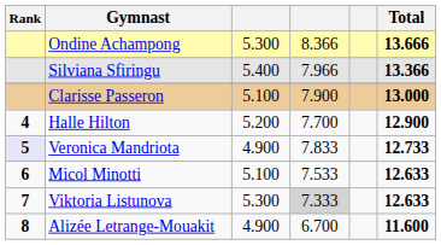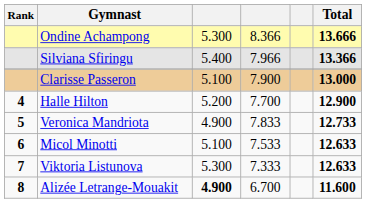 <table style="text-align:center;" class="wikitable sortable">
 <tr>
 <th scope="col" style="width:15px;"><small>Rank</small></th>
 <th scope="col" style="width:175px;">Gymnast</th>
 <th scope="col" style="width:50px;"><small></small></th>
 <th scope="col" style="width:50px;"><small></small></th>
 <th scope="col" style="width:20px;"><small></small></th>
 <th scope="col" style="width:50px;">Total</th>
 </tr>
 <tr style="background:#fffcaf;">
 <td scope="row" style="text-align:center"><strong></strong></td>
 <td style="text-align:left;"> <a href='#'>Ondine Achampong</a></td>
 <td>5.300</td>
 <td>8.366</td>
 <td></td>
 <td><strong>13.666</strong></td>
 </tr>
 <tr style="background:#e5e5e5;">
 <td scope="row" style="text-align:center"><strong></strong></td>
 <td style="text-align:left;"> <a href='#'>Silviana Sfiringu</a></td>
 <td>5.400</td>
 <td>7.966</td>
 <td></td>
 <td><strong>13.366</strong></td>
 </tr>
 <tr>
 </tr>
 <tr style="background:#ec9;">
 <td scope="row" style="text-align:center"><strong></strong></td>
 <td style="text-align:left;"> <a href='#'>Clarisse Passeron</a></td>
 <td>5.100</td>
 <td>7.900</td>
 <td></td>
 <td><strong>13.000</strong></td>
 </tr>
 <tr>
 <td scope="row" style="text-align:center"><strong>4</strong></td>
 <td style="text-align:left;"> <a href='#'>Halle Hilton</a></td>
 <td>5.200</td>
 <td>7.700</td>
 <td></td>
 <td><strong>12.900</strong></td>
 </tr>
 <tr>
-<td scope="row" style="background: lavender; text-align:center"><strong>5</strong></td>
+<td scope="row" style="text-align:center"><strong>5</strong></td>
 <td style="text-align:left;"> <a href='#'>Veronica Mandriota</a></td>
 <td>4.900</td>
 <td>7.833</td>
 <td></td>
 <td><strong>12.733</strong></td>
 </tr>
 <tr>
 <td scope="row" style="text-align:center"><strong>6</strong></td>
 <td style="text-align:left;"> <a href='#'>Micol Minotti</a></td>
 <td>5.100</td>
 <td>7.533</td>
 <td></td>
 <td><strong>12.633</strong></td>
 </tr>
 <tr>
 <td scope="row" style="text-align:center"><strong>7</strong></td>
 <td style="text-align:left;"> <a href='#'>Viktoria Listunova</a></td>
 <td>5.300</td>
-<td style="background: lightgrey;">7.333</td>
+<td>7.333</td>
 <td></td>
 <td><strong>12.633</strong></td>
 </tr>
 <tr>
 <td scope="row" style="text-align:center"><strong>8</strong></td>
 <td style="text-align:left;"> <a href='#'>Alizée Letrange-Mouakit</a></td>
-<td>4.900</td>
+<td><strong>4.900</strong></td>
 <td>6.700</td>
 <td></td>
 <td><strong>11.600</strong></td>
 </tr>
 </table>
